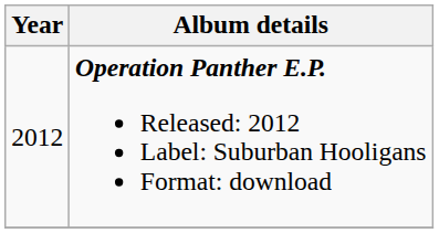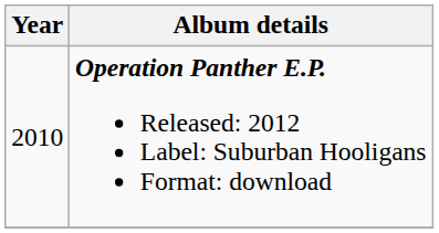 <table class ="wikitable">
 <tr>
 <th>Year</th>
 <th>Album details</th>
 </tr>
 <tr>
-<td>2012</td>
+<td>2010</td>
 <td><strong><em>Operation Panther E.P.</em></strong><br><ul><li>Released: 2012</li><li>Label: Suburban Hooligans</li><li>Format: download</li></ul></td>
 </tr>
 <tr>
 </tr>
 </table>
